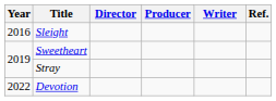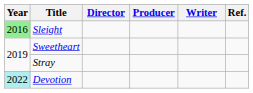 <table class="wikitable">
 <tr>
 <th>Year</th>
 <th>Title</th>
 <th width="65"><a href='#'>Director</a></th>
 <th width="65"><a href='#'>Producer</a></th>
 <th width="65"><a href='#'>Writer</a></th>
 <th>Ref.</th>
 </tr>
 <tr>
-<td>2016</td>
+<td style="background: lightgreen;">2016</td>
 <td><em><a href='#'>Sleight</a></em></td>
 <td></td>
 <td></td>
 <td></td>
 <td></td>
 </tr>
 <tr>
 <td rowspan="2">2019</td>
 <td><em><a href='#'>Sweetheart</a></em></td>
 <td></td>
 <td></td>
 <td></td>
 <td></td>
 </tr>
 <tr>
 <td><em>Stray</em></td>
 <td></td>
 <td></td>
 <td></td>
 <td></td>
 </tr>
 <tr>
-<td>2022</td>
+<td style="background: paleturquoise;">2022</td>
 <td><em><a href='#'>Devotion</a></em></td>
 <td></td>
 <td></td>
 <td></td>
 <td></td>
 </tr>
 </table>
